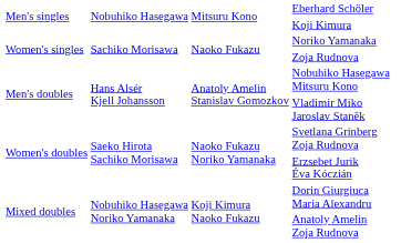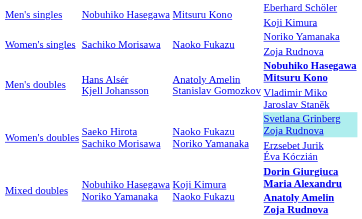 <table>
 <tr>
 <td rowspan=2><a href='#'>Men's singles</a></td>
 <td rowspan=2> <a href='#'>Nobuhiko Hasegawa</a></td>
 <td rowspan=2> <a href='#'>Mitsuru Kono</a></td>
 <td> <a href='#'>Eberhard Schöler</a></td>
 </tr>
 <tr>
 <td> <a href='#'>Koji Kimura</a></td>
 </tr>
 <tr>
 <td rowspan=2><a href='#'>Women's singles</a></td>
 <td rowspan=2> <a href='#'>Sachiko Morisawa</a></td>
 <td rowspan=2> <a href='#'>Naoko Fukazu</a></td>
 <td> <a href='#'>Noriko Yamanaka</a></td>
 </tr>
 <tr>
 <td> <a href='#'>Zoja Rudnova</a></td>
 </tr>
 <tr>
 <td rowspan=2><a href='#'>Men's doubles</a></td>
 <td rowspan=2> <a href='#'>Hans Alsér</a><br> <a href='#'>Kjell Johansson</a></td>
 <td rowspan=2> <a href='#'>Anatoly Amelin</a><br> <a href='#'>Stanislav Gomozkov</a></td>
-<td> <a href='#'>Nobuhiko Hasegawa</a><br> <a href='#'>Mitsuru Kono</a></td>
+<td><strong> <a href='#'>Nobuhiko Hasegawa</a><br> <a href='#'>Mitsuru Kono</a></strong></td>
 </tr>
 <tr>
 <td> <a href='#'>Vladimir Miko</a><br> <a href='#'>Jaroslav Staněk</a></td>
 </tr>
 <tr>
 <td rowspan=2><a href='#'>Women's doubles</a></td>
 <td rowspan=2> <a href='#'>Saeko Hirota</a><br> <a href='#'>Sachiko Morisawa</a></td>
 <td rowspan=2> <a href='#'>Naoko Fukazu</a><br> <a href='#'>Noriko Yamanaka</a></td>
-<td> <a href='#'>Svetlana Grinberg</a><br> <a href='#'>Zoja Rudnova</a></td>
+<td style="background: paleturquoise;"> <a href='#'>Svetlana Grinberg</a><br> <a href='#'>Zoja Rudnova</a></td>
 </tr>
 <tr>
 <td> <a href='#'>Erzsebet Jurik</a><br> <a href='#'>Éva Kóczián</a></td>
 </tr>
 <tr>
 <td rowspan=2><a href='#'>Mixed doubles</a></td>
 <td rowspan=2> <a href='#'>Nobuhiko Hasegawa</a><br> <a href='#'>Noriko Yamanaka</a></td>
 <td rowspan=2> <a href='#'>Koji Kimura</a><br> <a href='#'>Naoko Fukazu</a></td>
-<td> <a href='#'>Dorin Giurgiuca</a><br> <a href='#'>Maria Alexandru</a></td>
+<td><strong> <a href='#'>Dorin Giurgiuca</a><br> <a href='#'>Maria Alexandru</a></strong></td>
 </tr>
 <tr>
-<td> <a href='#'>Anatoly Amelin</a><br> <a href='#'>Zoja Rudnova</a></td>
+<td><strong> <a href='#'>Anatoly Amelin</a><br> <a href='#'>Zoja Rudnova</a></strong></td>
 </tr>
 </table>
